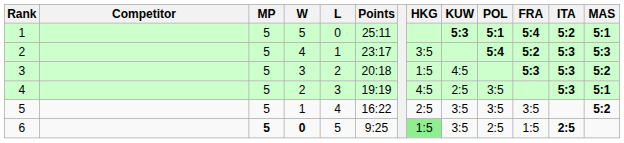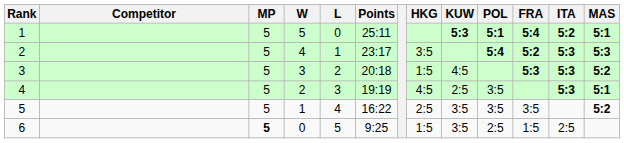 <table class="wikitable" style="text-align:center">
 <tr>
 <th>Rank</th>
 <th style="width:17em">Competitor</th>
 <th style="width:2.5em">MP</th>
 <th style="width:2.5em">W</th>
 <th style="width:2.5em">L</th>
 <th>Points</th>
 <th rowspan="7"> </th>
 <th style="width:2.5em">HKG</th>
 <th style="width:2.5em">KUW</th>
 <th style="width:2.5em">POL</th>
 <th style="width:2.5em">FRA</th>
 <th style="width:2.5em">ITA</th>
 <th style="width:2.5em">MAS</th>
 </tr>
 <tr style="background:#cfc;">
 <td>1</td>
 <td style="text-align:left"></td>
 <td>5</td>
 <td>5</td>
 <td>0</td>
 <td>25:11</td>
 <td></td>
 <td><strong>5:3</strong></td>
 <td><strong>5:1</strong></td>
 <td><strong>5:4</strong></td>
 <td><strong>5:2</strong></td>
 <td><strong>5:1</strong></td>
 </tr>
 <tr style="background:#cfc;">
 <td>2</td>
 <td style="text-align:left"></td>
 <td>5</td>
 <td>4</td>
 <td>1</td>
 <td>23:17</td>
 <td>3:5</td>
 <td></td>
 <td><strong>5:4</strong></td>
 <td><strong>5:2</strong></td>
 <td><strong>5:3</strong></td>
 <td><strong>5:3</strong></td>
 </tr>
 <tr style="background:#cfc;">
 <td>3</td>
 <td style="text-align:left"></td>
 <td>5</td>
 <td>3</td>
 <td>2</td>
 <td>20:18</td>
 <td>1:5</td>
 <td>4:5</td>
 <td></td>
 <td><strong>5:3</strong></td>
 <td><strong>5:3</strong></td>
 <td><strong>5:2</strong></td>
 </tr>
 <tr style="background:#cfc;">
 <td>4</td>
 <td style="text-align:left"></td>
 <td>5</td>
 <td>2</td>
 <td>3</td>
 <td>19:19</td>
 <td>4:5</td>
 <td>2:5</td>
 <td>3:5</td>
 <td></td>
 <td><strong>5:3</strong></td>
 <td><strong>5:1</strong></td>
 </tr>
 <tr>
 <td>5</td>
 <td style="text-align:left"></td>
 <td>5</td>
 <td>1</td>
 <td>4</td>
 <td>16:22</td>
 <td>2:5</td>
 <td>3:5</td>
 <td>3:5</td>
 <td>3:5</td>
 <td></td>
 <td><strong>5:2</strong></td>
 </tr>
 <tr>
 <td>6</td>
 <td style="text-align:left"></td>
 <td><strong>5</strong></td>
-<td><strong>0</strong></td>
+<td>0</td>
 <td>5</td>
 <td>9:25</td>
-<td style="background: lightgreen;">1:5</td>
+<td>1:5</td>
 <td>3:5</td>
 <td>2:5</td>
 <td>1:5</td>
-<td><strong>2:5</strong></td>
+<td>2:5</td>
 <td></td>
 </tr>
 </table>
